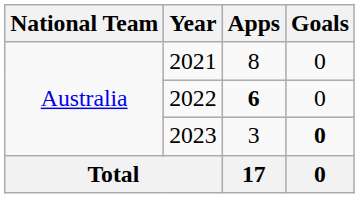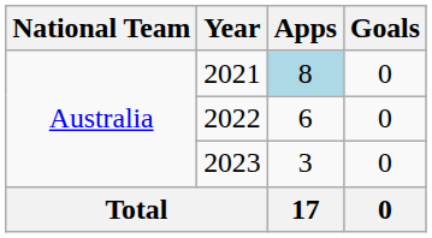 <table class="wikitable" style="text-align:center">
 <tr>
 <th>National Team</th>
 <th>Year</th>
 <th>Apps</th>
 <th>Goals</th>
 </tr>
 <tr>
 <td rowspan="3"><a href='#'>Australia</a></td>
 <td>2021</td>
-<td>8</td>
+<td style="background: lightblue;">8</td>
 <td>0</td>
 </tr>
 <tr>
 <td>2022</td>
-<td><strong>6</strong></td>
+<td>6</td>
 <td>0</td>
 </tr>
 <tr>
 <td>2023</td>
 <td>3</td>
-<td><strong>0</strong></td>
+<td>0</td>
 </tr>
 <tr>
 <th colspan="2">Total</th>
 <th>17</th>
 <th>0</th>
 </tr>
 </table>
